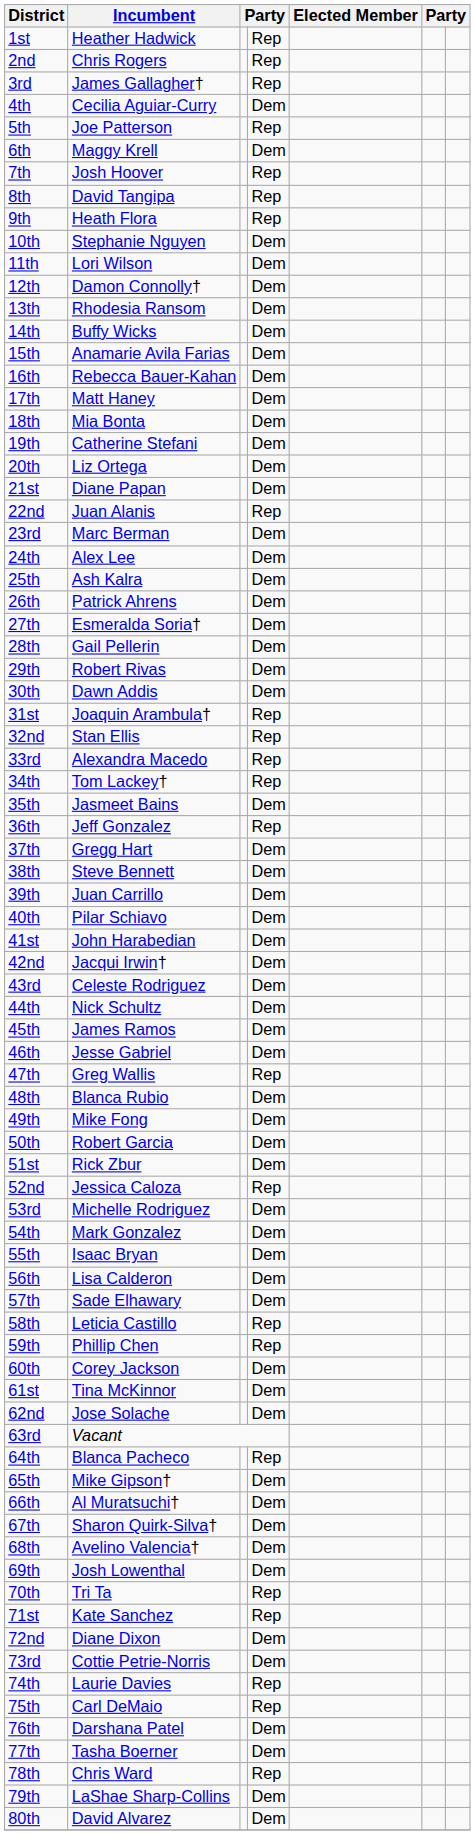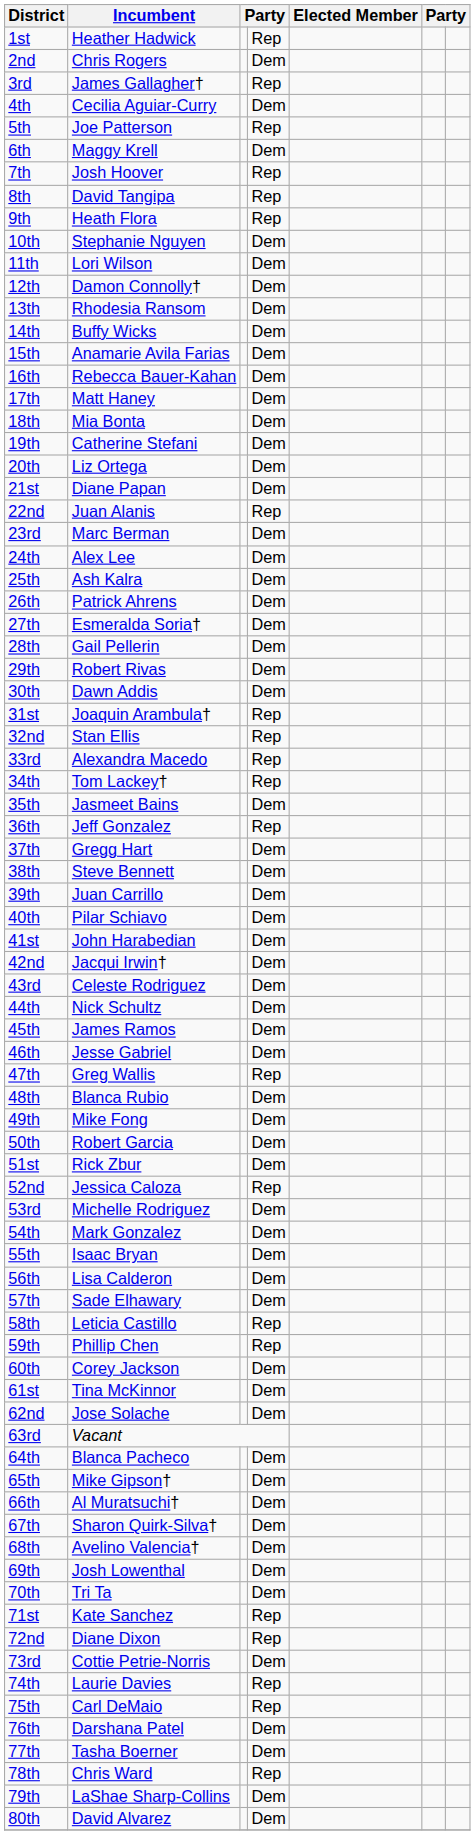 <table class="sortable wikitable" style="font-size:95%;line-height:14px;">
 <tr>
 <th>District</th>
 <th class="unsortable"><a href='#'>Incumbent</a></th>
 <th colspan="2">Party</th>
 <th class="unsortable">Elected Member</th>
 <th colspan="2">Party</th>
 </tr>
 <tr>
 <td><a href='#'>1st</a></td>
 <td><a href='#'>Heather Hadwick</a></td>
 <td style="background:"></td>
 <td>Rep</td>
 <td></td>
 <td></td>
 <td></td>
 </tr>
 <tr>
 <td><a href='#'>2nd</a></td>
 <td><a href='#'>Chris Rogers</a></td>
 <td style="background:"></td>
-<td>Rep</td>
+<td>Dem</td>
 <td></td>
 <td></td>
 <td></td>
 </tr>
 <tr>
 <td><a href='#'>3rd</a></td>
 <td><a href='#'>James Gallagher</a>†</td>
 <td style="background:"></td>
 <td>Rep</td>
 <td></td>
 <td></td>
 <td></td>
 </tr>
 <tr>
 <td><a href='#'>4th</a></td>
 <td><a href='#'>Cecilia Aguiar-Curry</a></td>
 <td style="background:"></td>
 <td>Dem</td>
 <td></td>
 <td></td>
 <td></td>
 </tr>
 <tr>
 <td><a href='#'>5th</a></td>
 <td><a href='#'>Joe Patterson</a></td>
 <td style="background:"></td>
 <td>Rep</td>
 <td></td>
 <td></td>
 <td></td>
 </tr>
 <tr>
 <td><a href='#'>6th</a></td>
 <td><a href='#'>Maggy Krell</a></td>
 <td style="background:"></td>
 <td>Dem</td>
 <td></td>
 <td></td>
 <td></td>
 </tr>
 <tr>
 <td><a href='#'>7th</a></td>
 <td><a href='#'>Josh Hoover</a></td>
 <td style="background:"></td>
 <td>Rep</td>
 <td></td>
 <td></td>
 <td></td>
 </tr>
 <tr>
 <td><a href='#'>8th</a></td>
 <td><a href='#'>David Tangipa</a></td>
 <td style="background:"></td>
 <td>Rep</td>
 <td></td>
 <td></td>
 <td></td>
 </tr>
 <tr>
 <td><a href='#'>9th</a></td>
 <td><a href='#'>Heath Flora</a></td>
 <td style="background:"></td>
 <td>Rep</td>
 <td></td>
 <td></td>
 <td></td>
 </tr>
 <tr>
 <td><a href='#'>10th</a></td>
 <td><a href='#'>Stephanie Nguyen</a></td>
 <td style="background:"></td>
 <td>Dem</td>
 <td></td>
 <td></td>
 <td></td>
 </tr>
 <tr>
 <td><a href='#'>11th</a></td>
 <td><a href='#'>Lori Wilson</a></td>
 <td style="background:"></td>
 <td>Dem</td>
 <td></td>
 <td></td>
 <td></td>
 </tr>
 <tr>
 <td><a href='#'>12th</a></td>
 <td><a href='#'>Damon Connolly</a>†</td>
 <td style="background:"></td>
 <td>Dem</td>
 <td></td>
 <td></td>
 <td></td>
 </tr>
 <tr>
 <td><a href='#'>13th</a></td>
 <td><a href='#'>Rhodesia Ransom</a></td>
 <td style="background:"></td>
 <td>Dem</td>
 <td></td>
 <td></td>
 <td></td>
 </tr>
 <tr>
 <td><a href='#'>14th</a></td>
 <td><a href='#'>Buffy Wicks</a></td>
 <td style="background:"></td>
 <td>Dem</td>
 <td></td>
 <td></td>
 <td></td>
 </tr>
 <tr>
 <td><a href='#'>15th</a></td>
 <td><a href='#'>Anamarie Avila Farias</a></td>
 <td style="background:"></td>
 <td>Dem</td>
 <td></td>
 <td></td>
 <td></td>
 </tr>
 <tr>
 <td><a href='#'>16th</a></td>
 <td><a href='#'>Rebecca Bauer-Kahan</a></td>
 <td style="background:"></td>
 <td>Dem</td>
 <td></td>
 <td></td>
 <td></td>
 </tr>
 <tr>
 <td><a href='#'>17th</a></td>
 <td><a href='#'>Matt Haney</a></td>
 <td style="background:"></td>
 <td>Dem</td>
 <td></td>
 <td></td>
 <td></td>
 </tr>
 <tr>
 <td><a href='#'>18th</a></td>
 <td><a href='#'>Mia Bonta</a></td>
 <td style="background:"></td>
 <td>Dem</td>
 <td></td>
 <td></td>
 <td></td>
 </tr>
 <tr>
 <td><a href='#'>19th</a></td>
 <td><a href='#'>Catherine Stefani</a></td>
 <td style="background:"></td>
 <td>Dem</td>
 <td></td>
 <td></td>
 <td></td>
 </tr>
 <tr>
 <td><a href='#'>20th</a></td>
 <td><a href='#'>Liz Ortega</a></td>
 <td style="background:"></td>
 <td>Dem</td>
 <td></td>
 <td></td>
 <td></td>
 </tr>
 <tr>
 <td><a href='#'>21st</a></td>
 <td><a href='#'>Diane Papan</a></td>
 <td style="background:"></td>
 <td>Dem</td>
 <td></td>
 <td></td>
 <td></td>
 </tr>
 <tr>
 <td><a href='#'>22nd</a></td>
 <td><a href='#'>Juan Alanis</a></td>
 <td style="background:"></td>
 <td>Rep</td>
 <td></td>
 <td></td>
 <td></td>
 </tr>
 <tr>
 <td><a href='#'>23rd</a></td>
 <td><a href='#'>Marc Berman</a></td>
 <td style="background:"></td>
 <td>Dem</td>
 <td></td>
 <td></td>
 <td></td>
 </tr>
 <tr>
 <td><a href='#'>24th</a></td>
 <td><a href='#'>Alex Lee</a></td>
 <td style="background:"></td>
 <td>Dem</td>
 <td></td>
 <td></td>
 <td></td>
 </tr>
 <tr>
 <td><a href='#'>25th</a></td>
 <td><a href='#'>Ash Kalra</a></td>
 <td style="background:"></td>
 <td>Dem</td>
 <td></td>
 <td></td>
 <td></td>
 </tr>
 <tr>
 <td><a href='#'>26th</a></td>
 <td><a href='#'>Patrick Ahrens</a></td>
 <td style="background:"></td>
 <td>Dem</td>
 <td></td>
 <td></td>
 <td></td>
 </tr>
 <tr>
 <td><a href='#'>27th</a></td>
 <td><a href='#'>Esmeralda Soria</a>†</td>
 <td style="background:"></td>
 <td>Dem</td>
 <td></td>
 <td></td>
 <td></td>
 </tr>
 <tr>
 <td><a href='#'>28th</a></td>
 <td><a href='#'>Gail Pellerin</a></td>
 <td style="background:"></td>
 <td>Dem</td>
 <td></td>
 <td></td>
 <td></td>
 </tr>
 <tr>
 <td><a href='#'>29th</a></td>
 <td><a href='#'>Robert Rivas</a></td>
 <td style="background:"></td>
 <td>Dem</td>
 <td></td>
 <td></td>
 <td></td>
 </tr>
 <tr>
 <td><a href='#'>30th</a></td>
 <td><a href='#'>Dawn Addis</a></td>
 <td style="background:"></td>
 <td>Dem</td>
 <td></td>
 <td></td>
 <td></td>
 </tr>
 <tr>
 <td><a href='#'>31st</a></td>
 <td><a href='#'>Joaquin Arambula</a>†</td>
 <td style="background:"></td>
 <td>Rep</td>
 <td></td>
 <td></td>
 <td></td>
 </tr>
 <tr>
 <td><a href='#'>32nd</a></td>
 <td><a href='#'>Stan Ellis</a></td>
 <td style="background:"></td>
 <td>Rep</td>
 <td></td>
 <td></td>
 <td></td>
 </tr>
 <tr>
 <td><a href='#'>33rd</a></td>
 <td><a href='#'>Alexandra Macedo</a></td>
 <td style="background:"></td>
 <td>Rep</td>
 <td></td>
 <td></td>
 <td></td>
 </tr>
 <tr>
 <td><a href='#'>34th</a></td>
 <td><a href='#'>Tom Lackey</a>†</td>
 <td style="background:"></td>
 <td>Rep</td>
 <td></td>
 <td></td>
 <td></td>
 </tr>
 <tr>
 <td><a href='#'>35th</a></td>
 <td><a href='#'>Jasmeet Bains</a></td>
 <td style="background:"></td>
 <td>Dem</td>
 <td></td>
 <td></td>
 <td></td>
 </tr>
 <tr>
 <td><a href='#'>36th</a></td>
 <td><a href='#'>Jeff Gonzalez</a></td>
 <td style="background:"></td>
 <td>Rep</td>
 <td></td>
 <td></td>
 <td></td>
 </tr>
 <tr>
 <td><a href='#'>37th</a></td>
 <td><a href='#'>Gregg Hart</a></td>
 <td style="background:"></td>
 <td>Dem</td>
 <td></td>
 <td></td>
 <td></td>
 </tr>
 <tr>
 <td><a href='#'>38th</a></td>
 <td><a href='#'>Steve Bennett</a></td>
 <td style="background:"></td>
 <td>Dem</td>
 <td></td>
 <td></td>
 <td></td>
 </tr>
 <tr>
 <td><a href='#'>39th</a></td>
 <td><a href='#'>Juan Carrillo</a></td>
 <td style="background:"></td>
 <td>Dem</td>
 <td></td>
 <td></td>
 <td></td>
 </tr>
 <tr>
 <td><a href='#'>40th</a></td>
 <td><a href='#'>Pilar Schiavo</a></td>
 <td style="background:"></td>
 <td>Dem</td>
 <td></td>
 <td></td>
 <td></td>
 </tr>
 <tr>
 <td><a href='#'>41st</a></td>
 <td><a href='#'>John Harabedian</a></td>
 <td style="background:"></td>
 <td>Dem</td>
 <td></td>
 <td></td>
 <td></td>
 </tr>
 <tr>
 <td><a href='#'>42nd</a></td>
 <td><a href='#'>Jacqui Irwin</a>†</td>
 <td style="background:"></td>
 <td>Dem</td>
 <td></td>
 <td></td>
 <td></td>
 </tr>
 <tr>
 <td><a href='#'>43rd</a></td>
 <td><a href='#'>Celeste Rodriguez</a></td>
 <td style="background:"></td>
 <td>Dem</td>
 <td></td>
 <td></td>
 <td></td>
 </tr>
 <tr>
 <td><a href='#'>44th</a></td>
 <td><a href='#'>Nick Schultz</a></td>
 <td style="background:"></td>
 <td>Dem</td>
 <td></td>
 <td></td>
 <td></td>
 </tr>
 <tr>
 <td><a href='#'>45th</a></td>
 <td><a href='#'>James Ramos</a></td>
 <td style="background:"></td>
 <td>Dem</td>
 <td></td>
 <td></td>
 <td></td>
 </tr>
 <tr>
 <td><a href='#'>46th</a></td>
 <td><a href='#'>Jesse Gabriel</a></td>
 <td style="background:"></td>
 <td>Dem</td>
 <td></td>
 <td></td>
 <td></td>
 </tr>
 <tr>
 <td><a href='#'>47th</a></td>
 <td><a href='#'>Greg Wallis</a></td>
 <td style="background:"></td>
 <td>Rep</td>
 <td></td>
 <td></td>
 <td></td>
 </tr>
 <tr>
 <td><a href='#'>48th</a></td>
 <td><a href='#'>Blanca Rubio</a></td>
 <td style="background:"></td>
 <td>Dem</td>
 <td></td>
 <td></td>
 <td></td>
 </tr>
 <tr>
 <td><a href='#'>49th</a></td>
 <td><a href='#'>Mike Fong</a></td>
 <td style="background:"></td>
 <td>Dem</td>
 <td></td>
 <td></td>
 <td></td>
 </tr>
 <tr>
 <td><a href='#'>50th</a></td>
 <td><a href='#'>Robert Garcia</a></td>
 <td style="background:"></td>
 <td>Dem</td>
 <td></td>
 <td></td>
 <td></td>
 </tr>
 <tr>
 <td><a href='#'>51st</a></td>
 <td><a href='#'>Rick Zbur</a></td>
 <td style="background:"></td>
 <td>Dem</td>
 <td></td>
 <td></td>
 <td></td>
 </tr>
 <tr>
 <td><a href='#'>52nd</a></td>
 <td><a href='#'>Jessica Caloza</a></td>
 <td style="background:"></td>
 <td>Rep</td>
 <td></td>
 <td></td>
 <td></td>
 </tr>
 <tr>
 <td><a href='#'>53rd</a></td>
 <td><a href='#'>Michelle Rodriguez</a></td>
 <td style="background:"></td>
 <td>Dem</td>
 <td></td>
 <td></td>
 <td></td>
 </tr>
 <tr>
 <td><a href='#'>54th</a></td>
 <td><a href='#'>Mark Gonzalez</a></td>
 <td style="background:"></td>
 <td>Dem</td>
 <td></td>
 <td></td>
 <td></td>
 </tr>
 <tr>
 <td><a href='#'>55th</a></td>
 <td><a href='#'>Isaac Bryan</a></td>
 <td style="background:"></td>
 <td>Dem</td>
 <td></td>
 <td></td>
 <td></td>
 </tr>
 <tr>
 <td><a href='#'>56th</a></td>
 <td><a href='#'>Lisa Calderon</a></td>
 <td style="background:"></td>
 <td>Dem</td>
 <td></td>
 <td></td>
 <td></td>
 </tr>
 <tr>
 <td><a href='#'>57th</a></td>
 <td><a href='#'>Sade Elhawary</a></td>
 <td style="background:"></td>
 <td>Dem</td>
 <td></td>
 <td></td>
 <td></td>
 </tr>
 <tr>
 <td><a href='#'>58th</a></td>
 <td><a href='#'>Leticia Castillo</a></td>
 <td style="background:"></td>
 <td>Rep</td>
 <td></td>
 <td></td>
 <td></td>
 </tr>
 <tr>
 <td><a href='#'>59th</a></td>
 <td><a href='#'>Phillip Chen</a></td>
 <td style="background:"></td>
 <td>Rep</td>
 <td></td>
 <td></td>
 <td></td>
 </tr>
 <tr>
 <td><a href='#'>60th</a></td>
 <td><a href='#'>Corey Jackson</a></td>
 <td style="background:"></td>
 <td>Dem</td>
 <td></td>
 <td></td>
 <td></td>
 </tr>
 <tr>
 <td><a href='#'>61st</a></td>
 <td><a href='#'>Tina McKinnor</a></td>
 <td style="background:"></td>
 <td>Dem</td>
 <td></td>
 <td></td>
 <td></td>
 </tr>
 <tr>
 <td><a href='#'>62nd</a></td>
 <td><a href='#'>Jose Solache</a></td>
 <td style="background:"></td>
 <td>Dem</td>
 <td></td>
 <td></td>
 <td></td>
 </tr>
 <tr>
 <td><a href='#'>63rd</a></td>
 <td colspan="3"><em>Vacant</em></td>
 <td></td>
 <td></td>
 <td></td>
 </tr>
 <tr>
 <td><a href='#'>64th</a></td>
 <td><a href='#'>Blanca Pacheco</a></td>
 <td style="background:"></td>
-<td>Rep</td>
+<td>Dem</td>
 <td></td>
 <td></td>
 <td></td>
 </tr>
 <tr>
 <td><a href='#'>65th</a></td>
 <td><a href='#'>Mike Gipson</a>†</td>
 <td style="background:"></td>
 <td>Dem</td>
 <td></td>
 <td></td>
 <td></td>
 </tr>
 <tr>
 <td><a href='#'>66th</a></td>
 <td><a href='#'>Al Muratsuchi</a>†</td>
 <td style="background:"></td>
 <td>Dem</td>
 <td></td>
 <td></td>
 <td></td>
 </tr>
 <tr>
 <td><a href='#'>67th</a></td>
 <td><a href='#'>Sharon Quirk-Silva</a>†</td>
 <td style="background:"></td>
 <td>Dem</td>
 <td></td>
 <td></td>
 <td></td>
 </tr>
 <tr>
 <td><a href='#'>68th</a></td>
 <td><a href='#'>Avelino Valencia</a>†</td>
 <td style="background:"></td>
 <td>Dem</td>
 <td></td>
 <td></td>
 <td></td>
 </tr>
 <tr>
 <td><a href='#'>69th</a></td>
 <td><a href='#'>Josh Lowenthal</a></td>
 <td style="background:"></td>
 <td>Dem</td>
 <td></td>
 <td></td>
 <td></td>
 </tr>
 <tr>
 <td><a href='#'>70th</a></td>
 <td><a href='#'>Tri Ta</a></td>
 <td style="background:"></td>
-<td>Rep</td>
+<td>Dem</td>
 <td></td>
 <td></td>
 <td></td>
 </tr>
 <tr>
 <td><a href='#'>71st</a></td>
 <td><a href='#'>Kate Sanchez</a></td>
 <td style="background:"></td>
 <td>Rep</td>
 <td></td>
 <td></td>
 <td></td>
 </tr>
 <tr>
 <td><a href='#'>72nd</a></td>
 <td><a href='#'>Diane Dixon</a></td>
 <td style="background:"></td>
-<td>Dem</td>
+<td>Rep</td>
 <td></td>
 <td></td>
 <td></td>
 </tr>
 <tr>
 <td><a href='#'>73rd</a></td>
 <td><a href='#'>Cottie Petrie-Norris</a></td>
 <td style="background:"></td>
 <td>Dem</td>
 <td></td>
 <td></td>
 <td></td>
 </tr>
 <tr>
 <td><a href='#'>74th</a></td>
 <td><a href='#'>Laurie Davies</a></td>
 <td style="background:"></td>
 <td>Rep</td>
 <td></td>
 <td></td>
 <td></td>
 </tr>
 <tr>
 <td><a href='#'>75th</a></td>
 <td><a href='#'>Carl DeMaio</a></td>
 <td style="background:"></td>
 <td>Rep</td>
 <td></td>
 <td></td>
 <td></td>
 </tr>
 <tr>
 <td><a href='#'>76th</a></td>
 <td><a href='#'>Darshana Patel</a></td>
 <td style="background:"></td>
 <td>Dem</td>
 <td></td>
 <td></td>
 <td></td>
 </tr>
 <tr>
 <td><a href='#'>77th</a></td>
 <td><a href='#'>Tasha Boerner</a></td>
 <td style="background:"></td>
 <td>Dem</td>
 <td></td>
 <td></td>
 <td></td>
 </tr>
 <tr>
 <td><a href='#'>78th</a></td>
 <td><a href='#'>Chris Ward</a></td>
 <td style="background:"></td>
 <td>Rep</td>
 <td></td>
 <td></td>
 <td></td>
 </tr>
 <tr>
 <td><a href='#'>79th</a></td>
 <td><a href='#'>LaShae Sharp-Collins</a></td>
 <td style="background:"></td>
 <td>Dem</td>
 <td></td>
 <td></td>
 <td></td>
 </tr>
 <tr>
 <td><a href='#'>80th</a></td>
 <td><a href='#'>David Alvarez</a></td>
 <td style="background:"></td>
 <td>Dem</td>
 <td></td>
 <td></td>
 <td></td>
 </tr>
 <tr>
 </tr>
 </table>
